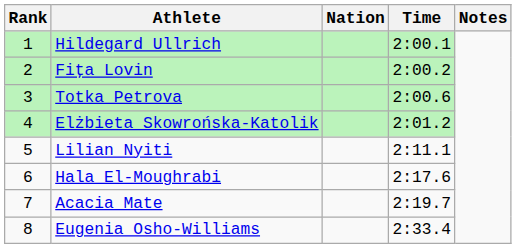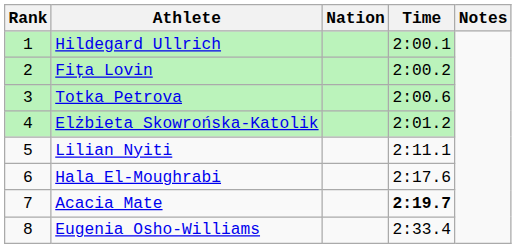 <table class="wikitable sortable" style="text-align:center">
 <tr>
 <th>Rank</th>
 <th>Athlete</th>
 <th>Nation</th>
 <th>Time</th>
 <th>Notes</th>
 </tr>
 <tr style="background:#bbf3bb;">
 <td>1</td>
 <td align=left><a href='#'>Hildegard Ullrich</a></td>
 <td align=left></td>
 <td>2:00.1</td>
 </tr>
 <tr style="background:#bbf3bb;">
 <td>2</td>
 <td align=left><a href='#'>Fiţa Lovin</a></td>
 <td align=left></td>
 <td>2:00.2</td>
 </tr>
 <tr style="background:#bbf3bb;">
 <td>3</td>
 <td align=left><a href='#'>Totka Petrova</a></td>
 <td align=left></td>
 <td>2:00.6</td>
 </tr>
 <tr style="background:#bbf3bb;">
 <td>4</td>
 <td align=left><a href='#'>Elżbieta Skowrońska-Katolik</a></td>
 <td align=left></td>
 <td>2:01.2</td>
 </tr>
 <tr>
 <td>5</td>
 <td align=left><a href='#'>Lilian Nyiti</a></td>
 <td align=left></td>
 <td>2:11.1</td>
 </tr>
 <tr>
 <td>6</td>
 <td align=left><a href='#'>Hala El-Moughrabi</a></td>
 <td align=left></td>
 <td>2:17.6</td>
 </tr>
 <tr>
 <td>7</td>
 <td align=left><a href='#'>Acacia Mate</a></td>
 <td align=left></td>
-<td>2:19.7</td>
+<td><strong>2:19.7</strong></td>
 </tr>
 <tr>
 <td>8</td>
 <td align=left><a href='#'>Eugenia Osho-Williams</a></td>
 <td align=left></td>
 <td>2:33.4</td>
 </tr>
 </table>
